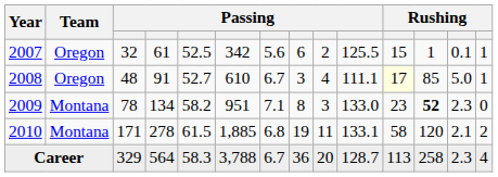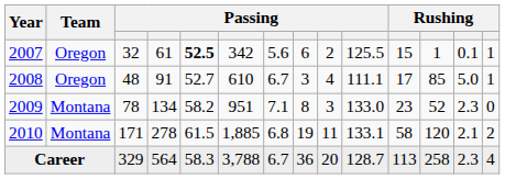 <table class="wikitable sortable" style="text-align:center;">
 <tr>
 <th rowspan=2>Year</th>
 <th rowspan=2>Team</th>
 <th colspan=8>Passing</th>
 <th colspan=4>Rushing</th>
 </tr>
 <tr>
 <th></th>
 <th></th>
 <th></th>
 <th></th>
 <th></th>
 <th></th>
 <th></th>
 <th></th>
 <th></th>
 <th></th>
 <th></th>
 <th></th>
 </tr>
 <tr>
 <td><a href='#'>2007</a></td>
 <td><a href='#'>Oregon</a></td>
 <td>32</td>
 <td>61</td>
-<td>52.5</td>
+<td><strong>52.5</strong></td>
 <td>342</td>
 <td>5.6</td>
 <td>6</td>
 <td>2</td>
 <td>125.5</td>
 <td>15</td>
 <td>1</td>
 <td>0.1</td>
 <td>1</td>
 </tr>
 <tr>
 <td><a href='#'>2008</a></td>
 <td><a href='#'>Oregon</a></td>
 <td>48</td>
 <td>91</td>
 <td>52.7</td>
 <td>610</td>
 <td>6.7</td>
 <td>3</td>
 <td>4</td>
 <td>111.1</td>
-<td style="background: lightyellow;">17</td>
+<td>17</td>
 <td>85</td>
 <td>5.0</td>
 <td>1</td>
 </tr>
 <tr>
 <td><a href='#'>2009</a></td>
 <td><a href='#'>Montana</a></td>
 <td>78</td>
 <td>134</td>
 <td>58.2</td>
 <td>951</td>
 <td>7.1</td>
 <td>8</td>
 <td>3</td>
 <td>133.0</td>
 <td>23</td>
-<td><strong>52</strong></td>
+<td>52</td>
 <td>2.3</td>
 <td>0</td>
 </tr>
 <tr>
 <td><a href='#'>2010</a></td>
 <td><a href='#'>Montana</a></td>
 <td>171</td>
 <td>278</td>
 <td>61.5</td>
 <td>1,885</td>
 <td>6.8</td>
 <td>19</td>
 <td>11</td>
 <td>133.1</td>
 <td>58</td>
 <td>120</td>
 <td>2.1</td>
 <td>2</td>
 </tr>
 <tr class="sortbottom" style="background:#eee;">
 <td colspan=2><strong>Career</strong></td>
 <td>329</td>
 <td>564</td>
 <td>58.3</td>
 <td>3,788</td>
 <td>6.7</td>
 <td>36</td>
 <td>20</td>
 <td>128.7</td>
 <td>113</td>
 <td>258</td>
 <td>2.3</td>
 <td>4</td>
 </tr>
 </table>
